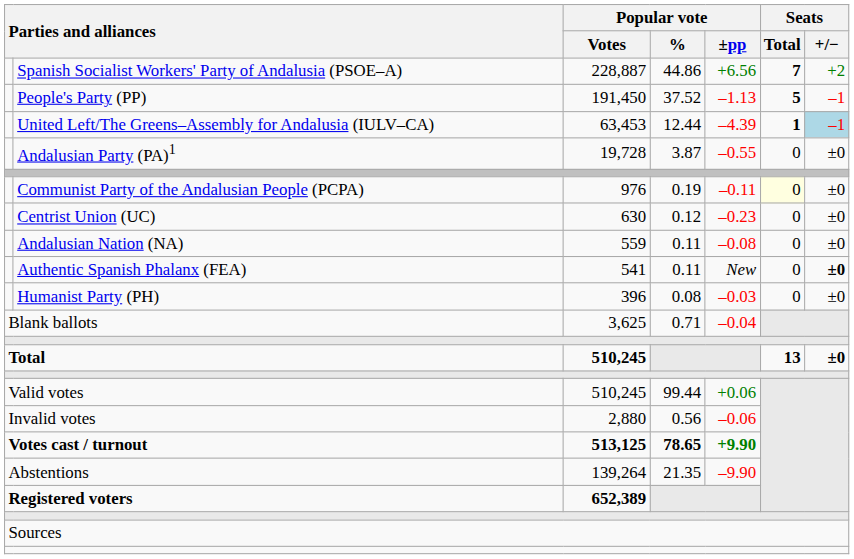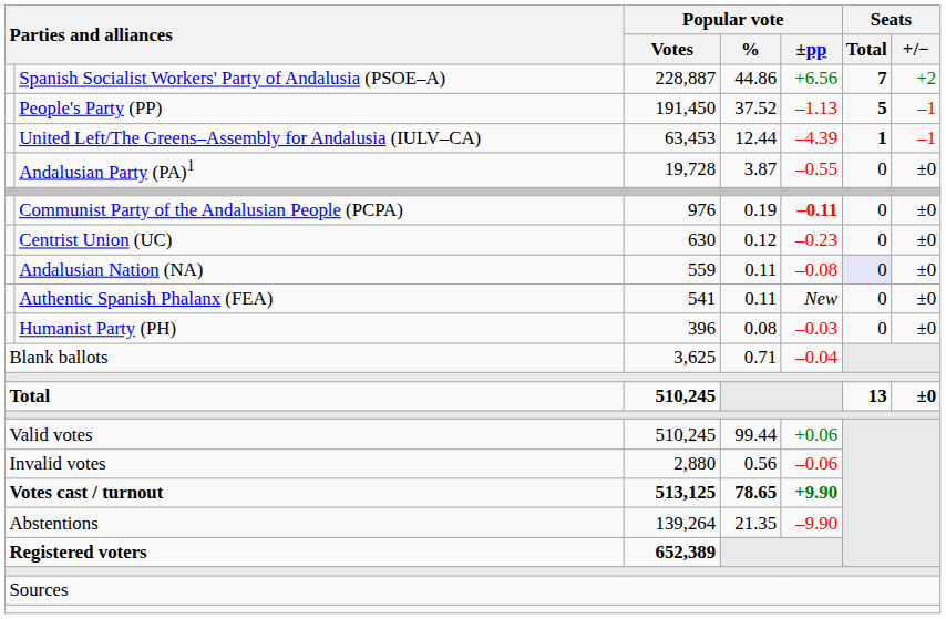 <table class="wikitable" style="text-align:right;">
 <tr>
 <th style="text-align:left;" rowspan="2" colspan="2" width="525">Parties and alliances</th>
 <th colspan="3">Popular vote</th>
 <th colspan="2">Seats</th>
 </tr>
 <tr>
 <th width="75">Votes</th>
 <th width="45">%</th>
 <th width="45">±<a href='#'>pp</a></th>
 <th width="35">Total</th>
 <th width="35">+/−</th>
 </tr>
 <tr>
 <td width="1" style="color:inherit;background:"></td>
 <td align="left"><a href='#'>Spanish Socialist Workers' Party of Andalusia</a> (PSOE–A)</td>
 <td>228,887</td>
 <td>44.86</td>
 <td style="color:green;">+6.56</td>
 <td><strong>7</strong></td>
 <td style="color:green;">+2</td>
 </tr>
 <tr>
 <td style="color:inherit;background:"></td>
 <td align="left"><a href='#'>People's Party</a> (PP)</td>
 <td>191,450</td>
 <td>37.52</td>
 <td style="color:red;">–1.13</td>
 <td><strong>5</strong></td>
 <td style="color:red;">–1</td>
 </tr>
 <tr>
 <td style="color:inherit;background:"></td>
 <td align="left"><a href='#'>United Left/The Greens–Assembly for Andalusia</a> (IULV–CA)</td>
 <td>63,453</td>
 <td>12.44</td>
 <td style="color:red;">–4.39</td>
 <td><strong>1</strong></td>
-<td style="background: lightblue; color:red;">–1</td>
+<td style="color:red;">–1</td>
 </tr>
 <tr>
 <td style="color:inherit;background:"></td>
 <td align="left"><a href='#'>Andalusian Party</a> (PA)<sup>1</sup></td>
 <td>19,728</td>
 <td>3.87</td>
 <td style="color:red;">–0.55</td>
 <td>0</td>
 <td>±0</td>
 </tr>
 <tr>
 <td colspan="7" bgcolor="#C0C0C0"></td>
 </tr>
 <tr>
 <td style="color:inherit;background:"></td>
 <td align="left"><a href='#'>Communist Party of the Andalusian People</a> (PCPA)</td>
 <td>976</td>
 <td>0.19</td>
-<td style="color:red;">–0.11</td>
-<td style="background: lightyellow;">0</td>
+<td style="color:red;"><strong>–0.11</strong></td>
+<td>0</td>
 <td>±0</td>
 </tr>
 <tr>
 <td style="color:inherit;background:"></td>
 <td align="left"><a href='#'>Centrist Union</a> (UC)</td>
 <td>630</td>
 <td>0.12</td>
 <td style="color:red;">–0.23</td>
 <td>0</td>
 <td>±0</td>
 </tr>
 <tr>
 <td style="color:inherit;background:"></td>
 <td align="left"><a href='#'>Andalusian Nation</a> (NA)</td>
 <td>559</td>
 <td>0.11</td>
 <td style="color:red;">–0.08</td>
-<td>0</td>
+<td style="background: lavender;">0</td>
 <td>±0</td>
 </tr>
 <tr>
 <td style="color:inherit;background:"></td>
 <td align="left"><a href='#'>Authentic Spanish Phalanx</a> (FEA)</td>
 <td>541</td>
 <td>0.11</td>
 <td><em>New</em></td>
 <td>0</td>
-<td><strong>±0</strong></td>
+<td>±0</td>
 </tr>
 <tr>
 <td style="color:inherit;background:"></td>
 <td align="left"><a href='#'>Humanist Party</a> (PH)</td>
 <td>396</td>
 <td>0.08</td>
 <td style="color:red;">–0.03</td>
 <td>0</td>
 <td>±0</td>
 </tr>
 <tr>
 <td align="left" colspan="2">Blank ballots</td>
 <td>3,625</td>
 <td>0.71</td>
 <td style="color:red;">–0.04</td>
 <td bgcolor="#E9E9E9" colspan="2"></td>
 </tr>
 <tr>
 <td colspan="7" bgcolor="#E9E9E9"></td>
 </tr>
 <tr style="font-weight:bold;">
 <td align="left" colspan="2">Total</td>
 <td>510,245</td>
 <td bgcolor="#E9E9E9" colspan="2"></td>
 <td>13</td>
 <td>±0</td>
 </tr>
 <tr>
 <td colspan="7" bgcolor="#E9E9E9"></td>
 </tr>
 <tr>
 <td align="left" colspan="2">Valid votes</td>
 <td>510,245</td>
 <td>99.44</td>
 <td style="color:green;">+0.06</td>
 <td bgcolor="#E9E9E9" colspan="2" rowspan="5"></td>
 </tr>
 <tr>
 <td align="left" colspan="2">Invalid votes</td>
 <td>2,880</td>
 <td>0.56</td>
 <td style="color:red;">–0.06</td>
 </tr>
 <tr style="font-weight:bold;">
 <td align="left" colspan="2">Votes cast / turnout</td>
 <td>513,125</td>
 <td>78.65</td>
 <td style="color:green;">+9.90</td>
 </tr>
 <tr>
 <td align="left" colspan="2">Abstentions</td>
 <td>139,264</td>
 <td>21.35</td>
 <td style="color:red;">–9.90</td>
 </tr>
 <tr style="font-weight:bold;">
 <td align="left" colspan="2">Registered voters</td>
 <td>652,389</td>
 <td bgcolor="#E9E9E9" colspan="2"></td>
 </tr>
 <tr>
 <td colspan="7" bgcolor="#E9E9E9"></td>
 </tr>
 <tr>
 <td align="left" colspan="7">Sources</td>
 </tr>
 <tr>
 <td colspan="7" style="text-align:left; max-width:790px;"></td>
 </tr>
 </table>
